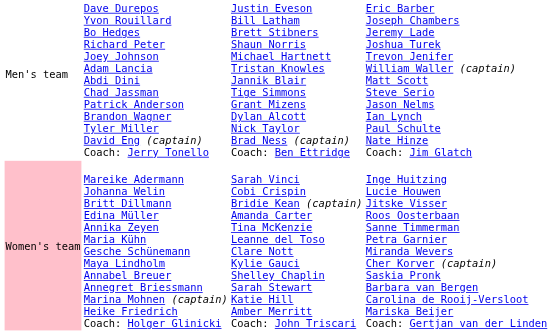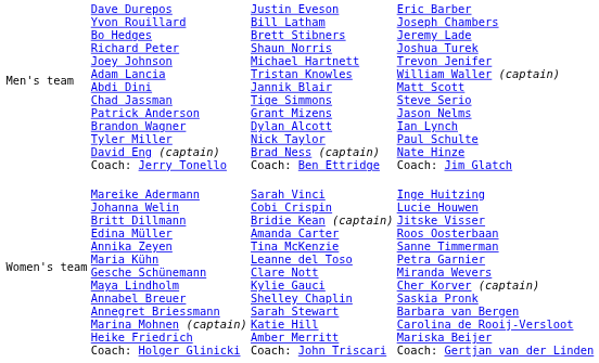 <table>
 <tr>
 <td>Men's team<br></td>
 <td><br><a href='#'>Dave Durepos</a><br><a href='#'>Yvon Rouillard</a><br><a href='#'>Bo Hedges</a><br><a href='#'>Richard Peter</a><br><a href='#'>Joey Johnson</a><br><a href='#'>Adam Lancia</a><br><a href='#'>Abdi Dini</a><br><a href='#'>Chad Jassman</a><br><a href='#'>Patrick Anderson</a><br><a href='#'>Brandon Wagner</a><br><a href='#'>Tyler Miller</a><br><a href='#'>David Eng</a> <em>(captain)</em><br>Coach: <a href='#'>Jerry Tonello</a></td>
 <td><br><a href='#'>Justin Eveson</a><br><a href='#'>Bill Latham</a><br><a href='#'>Brett Stibners</a><br><a href='#'>Shaun Norris</a><br><a href='#'>Michael Hartnett</a><br><a href='#'>Tristan Knowles</a><br><a href='#'>Jannik Blair</a><br><a href='#'>Tige Simmons</a><br><a href='#'>Grant Mizens</a><br><a href='#'>Dylan Alcott</a><br><a href='#'>Nick Taylor</a><br><a href='#'>Brad Ness</a> <em>(captain)</em><br>Coach: <a href='#'>Ben Ettridge</a></td>
 <td><br><a href='#'>Eric Barber</a><br><a href='#'>Joseph Chambers</a><br><a href='#'>Jeremy Lade</a><br><a href='#'>Joshua Turek</a><br><a href='#'>Trevon Jenifer</a><br><a href='#'>William Waller</a> <em>(captain)</em><br><a href='#'>Matt Scott</a><br><a href='#'>Steve Serio</a><br><a href='#'>Jason Nelms</a><br><a href='#'>Ian Lynch</a><br><a href='#'>Paul Schulte</a><br><a href='#'>Nate Hinze</a><br>Coach: <a href='#'>Jim Glatch</a></td>
 </tr>
 <tr>
-<td style="background: pink;">Women's team<br></td>
+<td>Women's team<br></td>
 <td><br><a href='#'>Mareike Adermann</a><br><a href='#'>Johanna Welin</a><br><a href='#'>Britt Dillmann</a><br><a href='#'>Edina Müller</a><br><a href='#'>Annika Zeyen</a><br><a href='#'>Maria Kühn</a><br><a href='#'>Gesche Schünemann</a><br><a href='#'>Maya Lindholm</a><br><a href='#'>Annabel Breuer</a><br><a href='#'>Annegret Briessmann</a><br><a href='#'>Marina Mohnen</a> <em>(captain)</em><br><a href='#'>Heike Friedrich</a><br>Coach: <a href='#'>Holger Glinicki</a></td>
 <td><br><a href='#'>Sarah Vinci</a><br><a href='#'>Cobi Crispin</a><br><a href='#'>Bridie Kean</a> <em>(captain)</em><br><a href='#'>Amanda Carter</a><br><a href='#'>Tina McKenzie</a><br><a href='#'>Leanne del Toso</a><br><a href='#'>Clare Nott</a><br><a href='#'>Kylie Gauci</a><br><a href='#'>Shelley Chaplin</a><br><a href='#'>Sarah Stewart</a><br><a href='#'>Katie Hill</a><br><a href='#'>Amber Merritt</a><br>Coach: <a href='#'>John Triscari</a></td>
 <td><br><a href='#'>Inge Huitzing</a><br><a href='#'>Lucie Houwen</a><br><a href='#'>Jitske Visser</a><br><a href='#'>Roos Oosterbaan</a><br><a href='#'>Sanne Timmerman</a><br><a href='#'>Petra Garnier</a><br><a href='#'>Miranda Wevers</a><br><a href='#'>Cher Korver</a> <em>(captain)</em><br><a href='#'>Saskia Pronk</a><br><a href='#'>Barbara van Bergen</a><br><a href='#'>Carolina de Rooij-Versloot</a><br><a href='#'>Mariska Beijer</a><br>Coach: <a href='#'>Gertjan van der Linden</a></td>
 </tr>
 </table>
